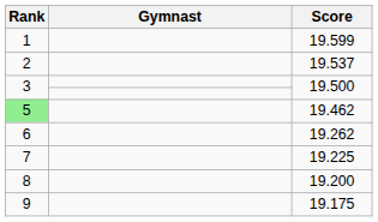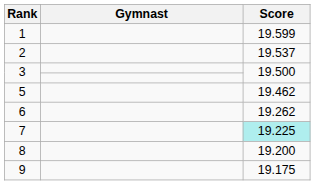 <table class="wikitable" style="text-align:center">
 <tr>
 <th>Rank</th>
 <th style="width:16em">Gymnast</th>
 <th style="width:5em">Score</th>
 </tr>
 <tr>
 <td>1</td>
 <td align=left></td>
 <td>19.599</td>
 </tr>
 <tr>
 <td>2</td>
 <td align=left></td>
 <td>19.537</td>
 </tr>
 <tr>
 <td rowspan=2>3</td>
 <td align=left></td>
 <td rowspan=2>19.500</td>
 </tr>
 <tr>
 <td align=left></td>
 </tr>
 <tr>
-<td style="background: lightgreen;">5</td>
+<td>5</td>
 <td align=left></td>
 <td>19.462</td>
 </tr>
 <tr>
 <td>6</td>
 <td align=left></td>
 <td>19.262</td>
 </tr>
 <tr>
 <td>7</td>
 <td align=left></td>
-<td>19.225</td>
+<td style="background: paleturquoise;">19.225</td>
 </tr>
 <tr>
 <td>8</td>
 <td align=left></td>
 <td>19.200</td>
 </tr>
 <tr>
 <td>9</td>
 <td align=left></td>
 <td>19.175</td>
 </tr>
 </table>
